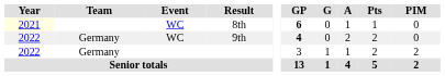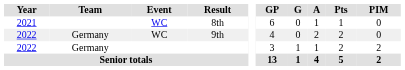 <table border="0" cellpadding="1" cellspacing="0" style="text-align:center; width:40em">
 <tr bgcolor="#e0e0e0">
 <th>Year</th>
 <th>Team</th>
 <th>Event</th>
 <th>Result</th>
 <th rowspan="97" bgcolor="#ffffff"> </th>
 <th>GP</th>
 <th>G</th>
 <th>A</th>
 <th>Pts</th>
 <th>PIM</th>
 </tr>
 <tr>
-<td style="background: lightyellow;"><a href='#'>2021</a></td>
+<td><a href='#'>2021</a></td>
 <td></td>
 <td><a href='#'>WC</a></td>
 <td>8th</td>
-<td><strong>6</strong></td>
+<td>6</td>
 <td>0</td>
 <td>1</td>
 <td>1</td>
 <td>0</td>
 </tr>
 <tr bgcolor="#f0f0f0">
 <td><a href='#'>2022</a></td>
 <td>Germany</td>
 <td>WC</td>
 <td>9th</td>
-<td><strong>4</strong></td>
+<td>4</td>
 <td>0</td>
 <td>2</td>
 <td>2</td>
 <td>0</td>
 </tr>
 <tr>
 <td><a href='#'>2022</a></td>
 <td>Germany</td>
 <td></td>
 <td></td>
 <td>3</td>
 <td>1</td>
 <td>1</td>
 <td>2</td>
 <td>2</td>
 </tr>
 <tr bgcolor="#e0e0e0">
 <th colspan=4>Senior totals</th>
 <th>13</th>
 <th>1</th>
 <th>4</th>
 <th>5</th>
 <th>2</th>
 </tr>
 </table>
